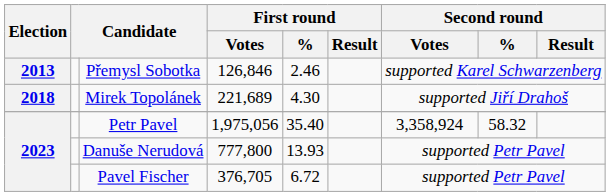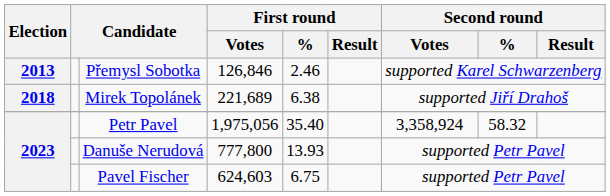 <table class="wikitable" style="text-align: center;">
 <tr>
 <th rowspan=2>Election</th>
 <th rowspan=2 colspan=2>Candidate</th>
 <th colspan=3>First round</th>
 <th colspan=3>Second round</th>
 </tr>
 <tr>
 <th>Votes</th>
 <th>%</th>
 <th>Result</th>
 <th>Votes</th>
 <th>%</th>
 <th>Result</th>
 </tr>
 <tr>
 <th><a href='#'>2013</a></th>
 <td style="background-color: "></td>
 <td><a href='#'>Přemysl Sobotka</a></td>
 <td>126,846</td>
 <td>2.46</td>
 <td></td>
 <td colspan=3 align=center><em>supported <a href='#'>Karel Schwarzenberg</a></em></td>
 </tr>
 <tr>
 <th><a href='#'>2018</a></th>
 <td style="background-color: "></td>
 <td><a href='#'>Mirek Topolánek</a></td>
 <td>221,689</td>
-<td>4.30</td>
+<td>6.38</td>
 <td></td>
 <td colspan=3 align=center><em>supported <a href='#'>Jiří Drahoš</a></em></td>
 </tr>
 <tr>
 </tr>
 <tr>
 <th rowspan=3><a href='#'>2023</a></th>
 <td style="background-color: "></td>
 <td><a href='#'>Petr Pavel</a></td>
 <td>1,975,056</td>
 <td>35.40</td>
 <td></td>
 <td>3,358,924</td>
 <td>58.32</td>
 <td></td>
 </tr>
 <tr>
 <td style="background-color: "></td>
 <td><a href='#'>Danuše Nerudová</a></td>
 <td>777,800</td>
 <td>13.93</td>
 <td></td>
 <td colspan=3><em>supported <a href='#'>Petr Pavel</a></em></td>
 </tr>
 <tr>
 <td style="background-color: "></td>
 <td><a href='#'>Pavel Fischer</a></td>
-<td>376,705</td>
-<td>6.72</td>
+<td>624,603</td>
+<td>6.75</td>
 <td></td>
 <td colspan=3><em>supported <a href='#'>Petr Pavel</a></em></td>
 </tr>
 </table>
